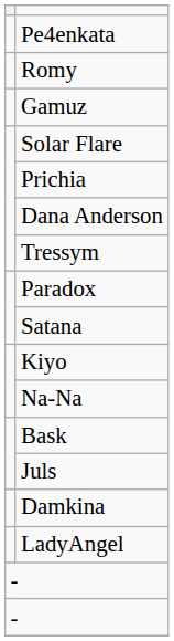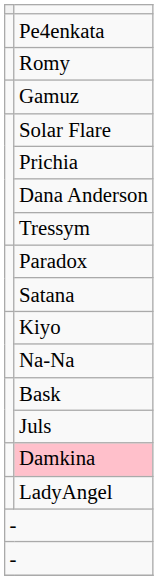 <table class="wikitable">
 <tr>
 <th></th>
 </tr>
 <tr>
 <td rowspan="1"></td>
 <td>Pe4enkata </td>
 </tr>
 <tr>
 <td rowspan="1"></td>
 <td>Romy </td>
 </tr>
 <tr>
 <td rowspan="1"></td>
 <td>Gamuz </td>
 </tr>
 <tr>
 <td rowspan="4"></td>
 <td>Solar Flare </td>
 </tr>
 <tr>
 <td>Prichia </td>
 </tr>
 <tr>
 <td>Dana Anderson </td>
 </tr>
 <tr>
 <td>Tressym </td>
 </tr>
 <tr>
 <td rowspan="2"></td>
 <td>Paradox </td>
 </tr>
 <tr>
 <td>Satana </td>
 </tr>
 <tr>
 <td rowspan="2"></td>
 <td>Kiyo </td>
 </tr>
 <tr>
 <td>Na-Na </td>
 </tr>
 <tr>
 <td rowspan="2"></td>
 <td>Bask </td>
 </tr>
 <tr>
 <td>Juls </td>
 </tr>
 <tr>
 <td rowspan="1"></td>
-<td>Damkina </td>
+<td style="background: pink;">Damkina </td>
 </tr>
 <tr>
 <td rowspan="1"></td>
 <td>LadyAngel </td>
 </tr>
 <tr>
 <td colspan="2">-</td>
 </tr>
 <tr>
 <td colspan="2">-</td>
 </tr>
 <tr>
 </tr>
 </table>
